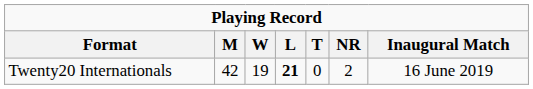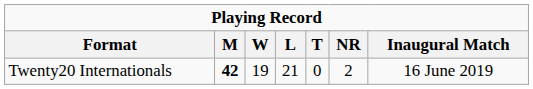 <table class="wikitable" style="text-align: center; width: 500px;">
 <tr>
 <td colspan=7 align="center"><strong>Playing Record</strong></td>
 </tr>
 <tr>
 <th>Format</th>
 <th>M</th>
 <th>W</th>
 <th>L</th>
 <th>T</th>
 <th>NR</th>
 <th>Inaugural Match</th>
 </tr>
 <tr>
 <td align="left">Twenty20 Internationals</td>
-<td>42</td>
+<td><strong>42</strong></td>
 <td>19</td>
-<td><strong>21</strong></td>
+<td>21</td>
 <td>0</td>
 <td>2</td>
 <td>16 June 2019</td>
 </tr>
 </table>
